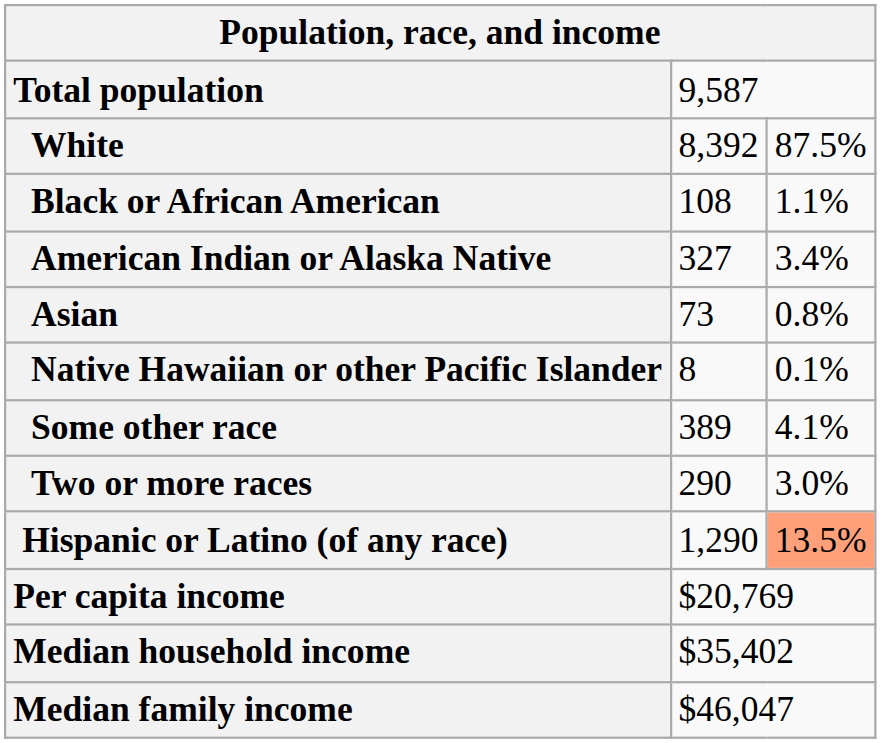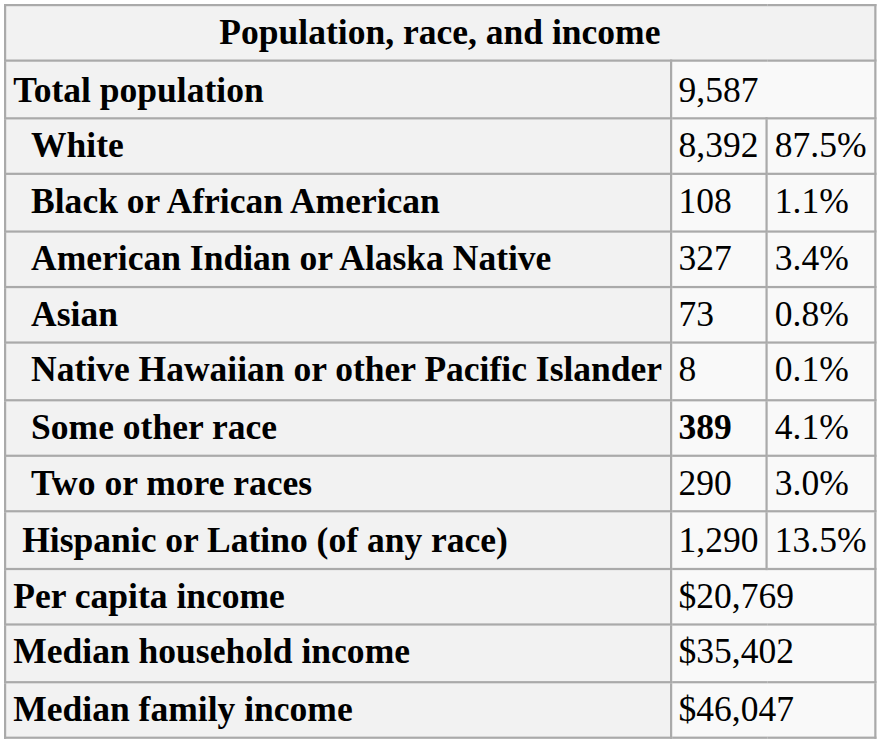 <table class="wikitable collapsible collapsed">
 <tr>
 <th colspan=6>Population, race, and income</th>
 </tr>
 <tr>
 <th scope="row" style="text-align: left;">Total population</th>
 <td colspan=2>9,587</td>
 </tr>
 <tr>
 <th scope="row" style="text-align: left;">  White</th>
 <td>8,392</td>
 <td>87.5%</td>
 </tr>
 <tr>
 <th scope="row" style="text-align: left;">  Black or African American</th>
 <td>108</td>
 <td>1.1%</td>
 </tr>
 <tr>
 <th scope="row" style="text-align: left;">  American Indian or Alaska Native</th>
 <td>327</td>
 <td>3.4%</td>
 </tr>
 <tr>
 <th scope="row" style="text-align: left;">  Asian</th>
 <td>73</td>
 <td>0.8%</td>
 </tr>
 <tr>
 <th scope="row" style="text-align: left;">  Native Hawaiian or other Pacific Islander</th>
 <td>8</td>
 <td>0.1%</td>
 </tr>
 <tr>
 <th scope="row" style="text-align: left;">  Some other race</th>
-<td>389</td>
+<td><strong>389</strong></td>
 <td>4.1%</td>
 </tr>
 <tr>
 <th scope="row" style="text-align: left;">  Two or more races</th>
 <td>290</td>
 <td>3.0%</td>
 </tr>
 <tr>
 <th scope="row" style="text-align: left;"> Hispanic or Latino (of any race)</th>
 <td>1,290</td>
-<td style="background: lightsalmon;">13.5%</td>
+<td>13.5%</td>
 </tr>
 <tr>
 <th scope="row" style="text-align: left;">Per capita income</th>
 <td colspan=2>$20,769</td>
 </tr>
 <tr>
 <th scope="row" style="text-align: left;">Median household income</th>
 <td colspan=2>$35,402</td>
 </tr>
 <tr>
 <th scope="row" style="text-align: left;">Median family income</th>
 <td colspan=2>$46,047</td>
 </tr>
 </table>
